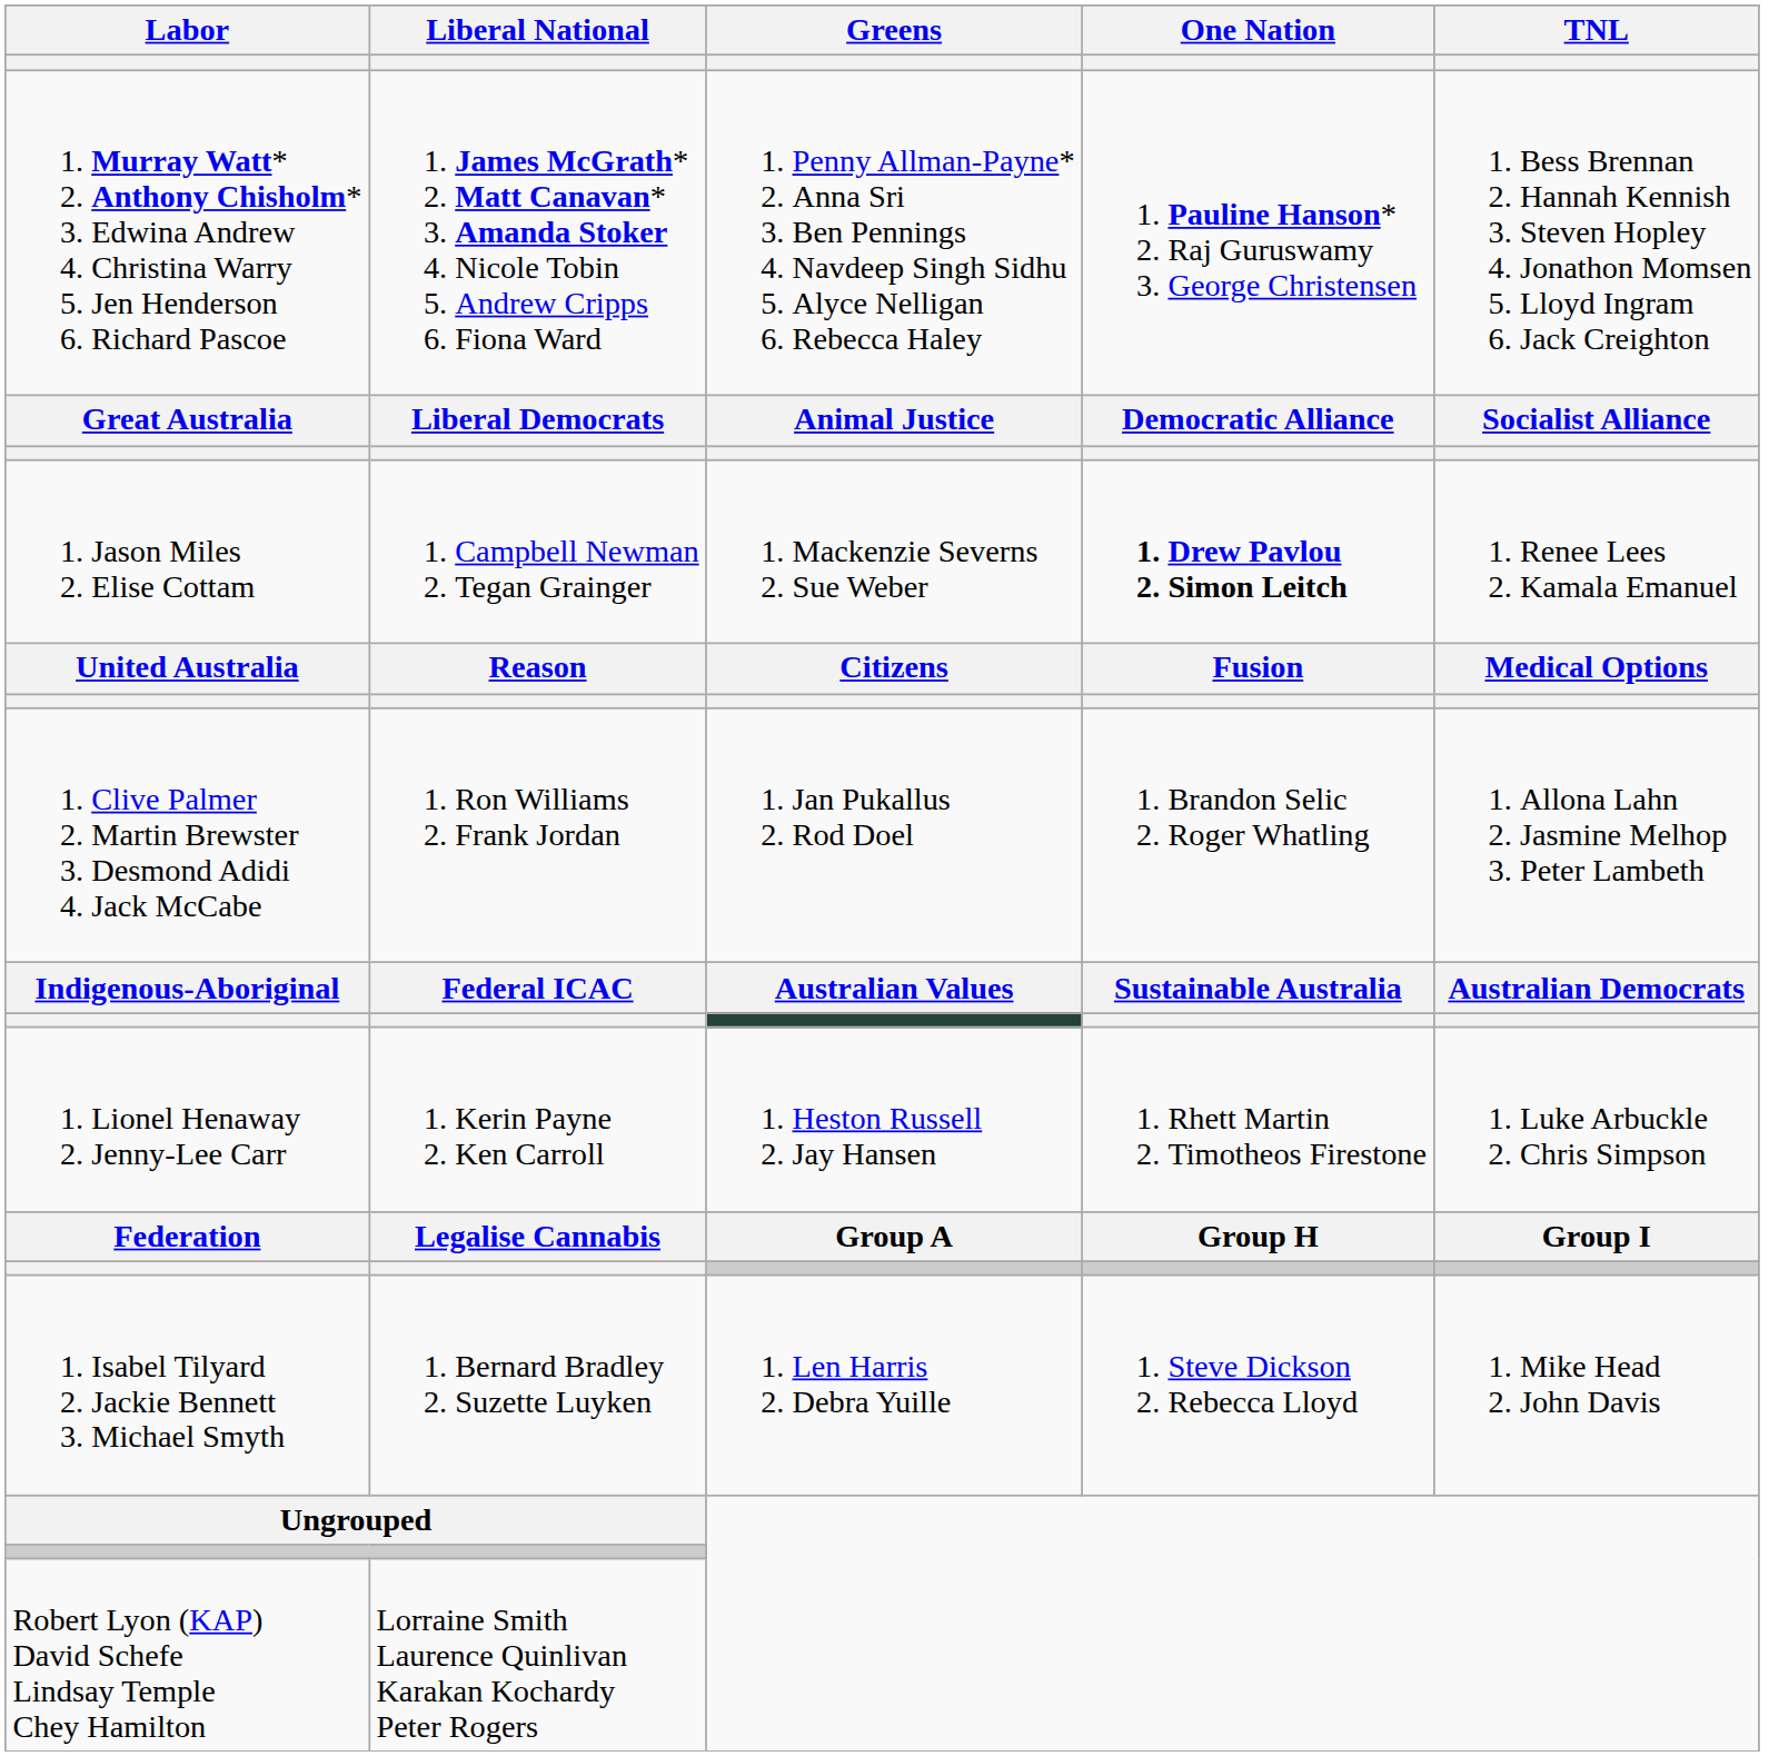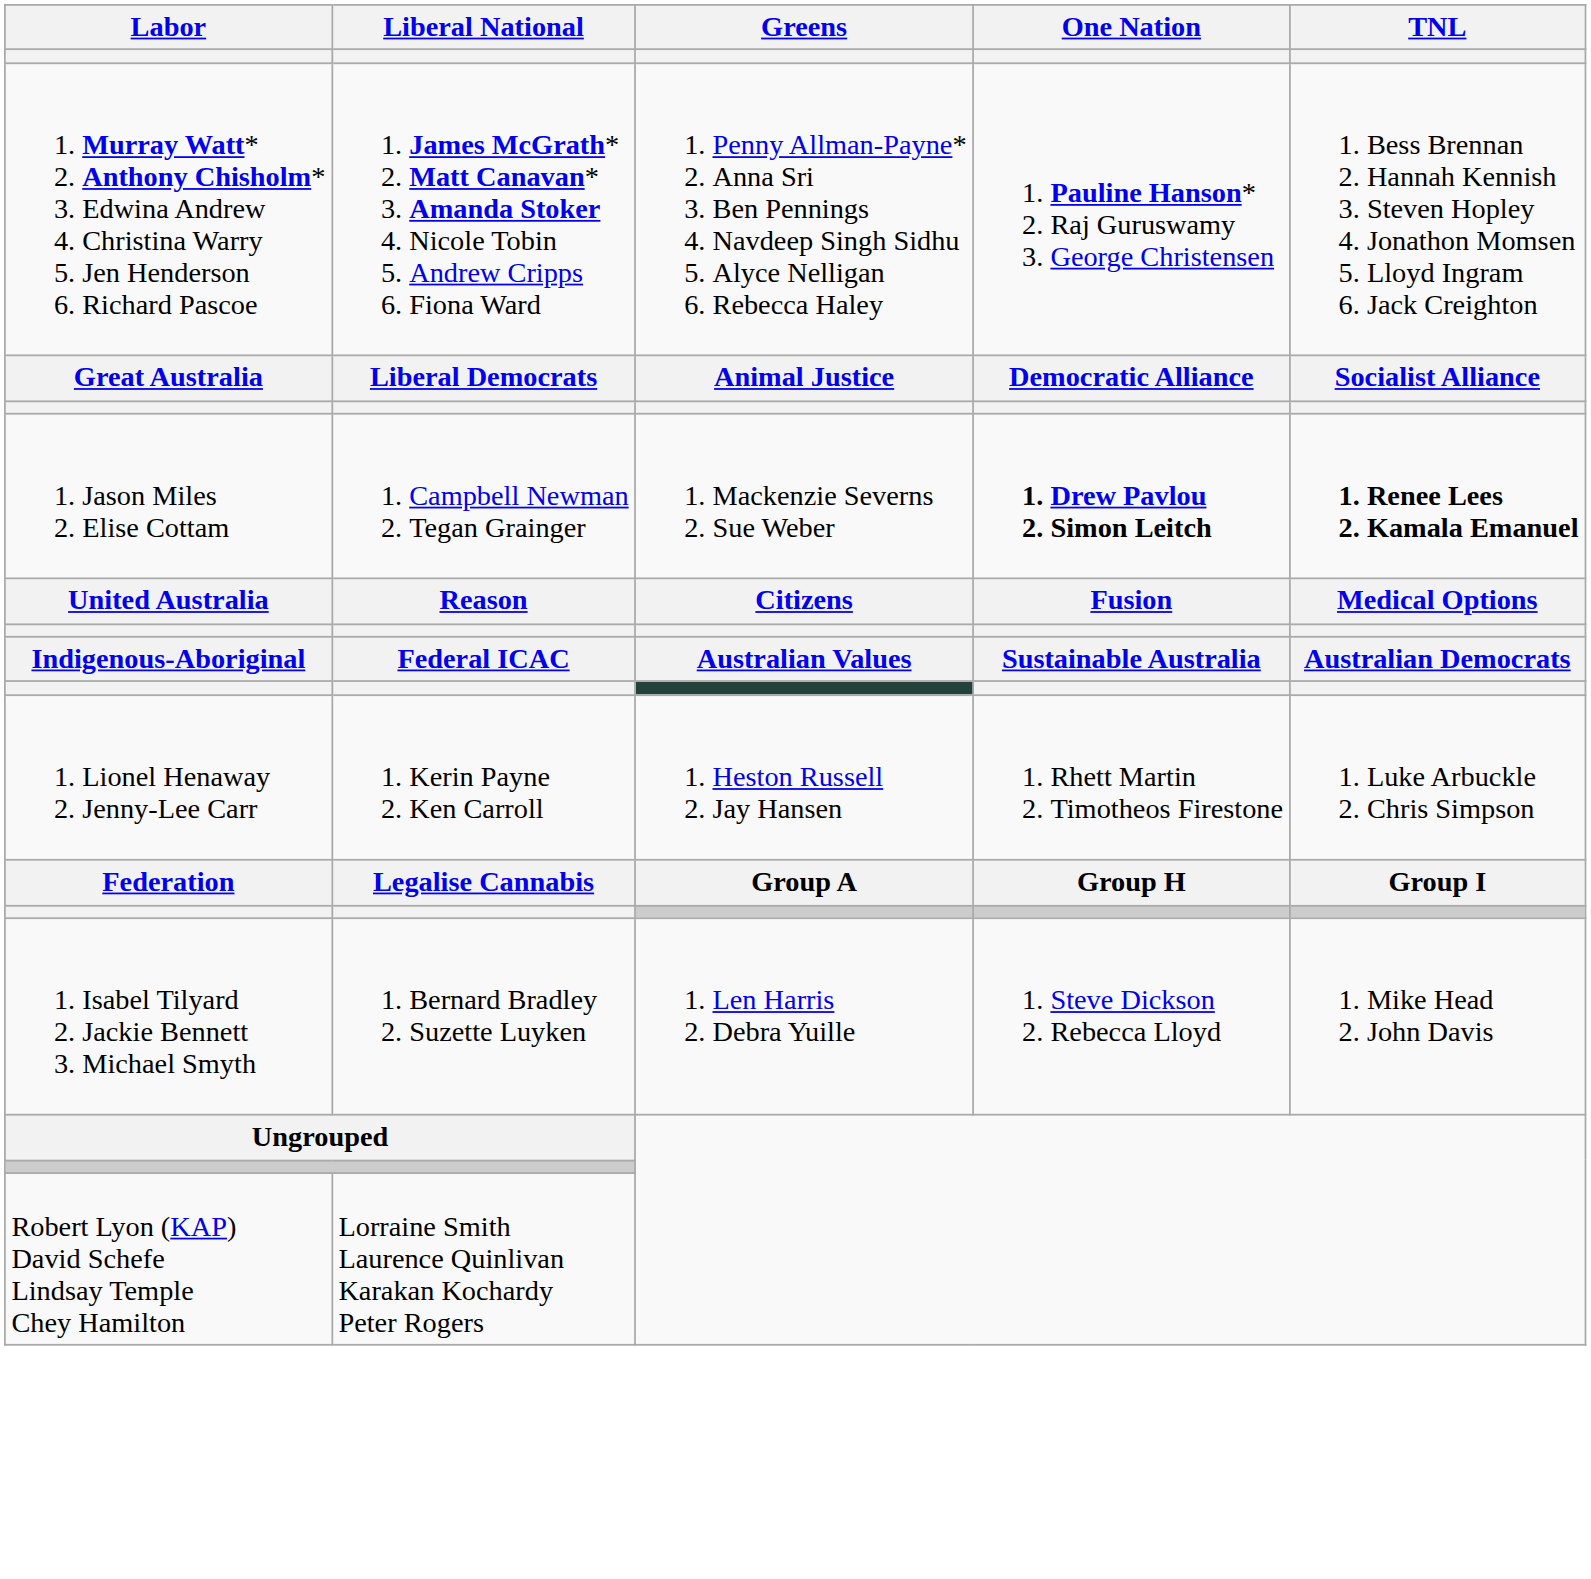 <table class=wikitable>
 <tr>
 <th><a href='#'>Labor</a></th>
 <th><a href='#'>Liberal National</a></th>
 <th><a href='#'>Greens</a></th>
 <th><a href='#'>One Nation</a></th>
 <th><a href='#'>TNL</a></th>
 </tr>
 <tr style=background:#ccc>
 <th></th>
 <th></th>
 <th></th>
 <th></th>
 <th></th>
 </tr>
 <tr>
 <td><br><ol><li><strong><a href='#'>Murray Watt</a></strong>*</li><li><strong><a href='#'>Anthony Chisholm</a></strong>*</li><li>Edwina Andrew</li><li>Christina Warry</li><li>Jen Henderson</li><li>Richard Pascoe</li></ol></td>
 <td><br><ol><li><strong><a href='#'>James McGrath</a></strong>*</li><li><strong><a href='#'>Matt Canavan</a></strong>*</li><li><strong><a href='#'>Amanda Stoker</a></strong></li><li>Nicole Tobin</li><li><a href='#'>Andrew Cripps</a></li><li>Fiona Ward</li></ol></td>
 <td><br><ol><li><a href='#'>Penny Allman-Payne</a>*</li><li>Anna Sri</li><li>Ben Pennings</li><li>Navdeep Singh Sidhu</li><li>Alyce Nelligan</li><li>Rebecca Haley</li></ol></td>
 <td><br><ol><li><strong><a href='#'>Pauline Hanson</a></strong>*</li><li>Raj Guruswamy</li><li><a href='#'>George Christensen</a></li></ol></td>
 <td valign=top><br><ol><li>Bess Brennan</li><li>Hannah Kennish</li><li>Steven Hopley</li><li>Jonathon Momsen</li><li>Lloyd Ingram</li><li>Jack Creighton</li></ol></td>
 </tr>
 <tr>
 <th><a href='#'>Great Australia</a></th>
 <th><a href='#'>Liberal Democrats</a></th>
 <th><a href='#'>Animal Justice</a></th>
 <th><a href='#'>Democratic Alliance</a></th>
 <th><a href='#'>Socialist Alliance</a></th>
 </tr>
 <tr style=background:#ccc>
 <th></th>
 <th></th>
 <th></th>
 <th></th>
 <th></th>
 </tr>
 <tr>
 <td valign=top><br><ol><li>Jason Miles</li><li>Elise Cottam</li></ol></td>
 <td valign=top><br><ol><li><a href='#'>Campbell Newman</a></li><li>Tegan Grainger</li></ol></td>
 <td valign=top><br><ol><li>Mackenzie Severns</li><li>Sue Weber</li></ol></td>
 <td valign=top><strong><br><ol><li><a href='#'>Drew Pavlou</a></li><li>Simon Leitch</li></ol></strong></td>
-<td valign=top><br><ol><li>Renee Lees</li><li>Kamala Emanuel</li></ol></td>
+<td valign=top><strong><br><ol><li>Renee Lees</li><li>Kamala Emanuel</li></ol></strong></td>
 </tr>
 <tr>
 <th><a href='#'>United Australia</a></th>
 <th><a href='#'>Reason</a></th>
 <th><a href='#'>Citizens</a></th>
 <th><a href='#'>Fusion</a></th>
 <th><a href='#'>Medical Options</a></th>
 </tr>
 <tr style=background:#ccc>
 <th></th>
 <th></th>
 <th></th>
 <th></th>
 <th></th>
-</tr>
-<tr>
-<td valign=top><br><ol><li><a href='#'>Clive Palmer</a></li><li>Martin Brewster</li><li>Desmond Adidi</li><li>Jack McCabe</li></ol></td>
-<td valign=top><br><ol><li>Ron Williams</li><li>Frank Jordan</li></ol></td>
-<td valign=top><br><ol><li>Jan Pukallus</li><li>Rod Doel</li></ol></td>
-<td valign=top><br><ol><li>Brandon Selic</li><li>Roger Whatling</li></ol></td>
-<td valign=top><br><ol><li>Allona Lahn</li><li>Jasmine Melhop</li><li>Peter Lambeth</li></ol></td>
 </tr>
 <tr>
 <th><a href='#'>Indigenous-Aboriginal</a></th>
 <th><a href='#'>Federal ICAC</a></th>
 <th><a href='#'>Australian Values</a></th>
 <th><a href='#'>Sustainable Australia</a></th>
 <th><a href='#'>Australian Democrats</a></th>
 </tr>
 <tr style=background:#ccc>
 <th></th>
 <th></th>
 <td style=background:#23423A></td>
 <th></th>
 <th></th>
 </tr>
 <tr>
 <td valign=top><br><ol><li>Lionel Henaway</li><li>Jenny-Lee Carr</li></ol></td>
 <td valign=top><br><ol><li>Kerin Payne</li><li>Ken Carroll</li></ol></td>
 <td valign=top><br><ol><li><a href='#'>Heston Russell</a></li><li>Jay Hansen</li></ol></td>
 <td valign=top><br><ol><li>Rhett Martin</li><li>Timotheos Firestone</li></ol></td>
 <td valign=top><br><ol><li>Luke Arbuckle</li><li>Chris Simpson</li></ol></td>
 </tr>
 <tr>
 <th><a href='#'>Federation</a></th>
 <th><a href='#'>Legalise Cannabis</a></th>
 <th>Group A</th>
 <th>Group H</th>
 <th>Group I</th>
 </tr>
 <tr style=background:#ccc>
 <th></th>
 <th></th>
 <td></td>
 <td></td>
 <td></td>
 </tr>
 <tr>
 <td valign=top><br><ol><li>Isabel Tilyard</li><li>Jackie Bennett</li><li>Michael Smyth</li></ol></td>
 <td valign=top><br><ol><li>Bernard Bradley</li><li>Suzette Luyken</li></ol></td>
 <td valign=top><br><ol><li><a href='#'>Len Harris</a></li><li>Debra Yuille</li></ol></td>
 <td valign=top><br><ol><li><a href='#'>Steve Dickson</a></li><li>Rebecca Lloyd</li></ol></td>
 <td valign=top><br><ol><li>Mike Head</li><li>John Davis</li></ol></td>
 </tr>
 <tr style=background:#ccc>
 <th colspan=2>Ungrouped</th>
 </tr>
 <tr style=background:#ccc>
 <td colspan=2></td>
 </tr>
 <tr>
 <td valign=top><br>Robert Lyon (<a href='#'>KAP</a>)<br> David Schefe<br> Lindsay Temple<br> Chey Hamilton</td>
 <td valign=top><br>Lorraine Smith<br> Laurence Quinlivan<br> Karakan Kochardy<br> Peter Rogers</td>
 </tr>
 </table>
